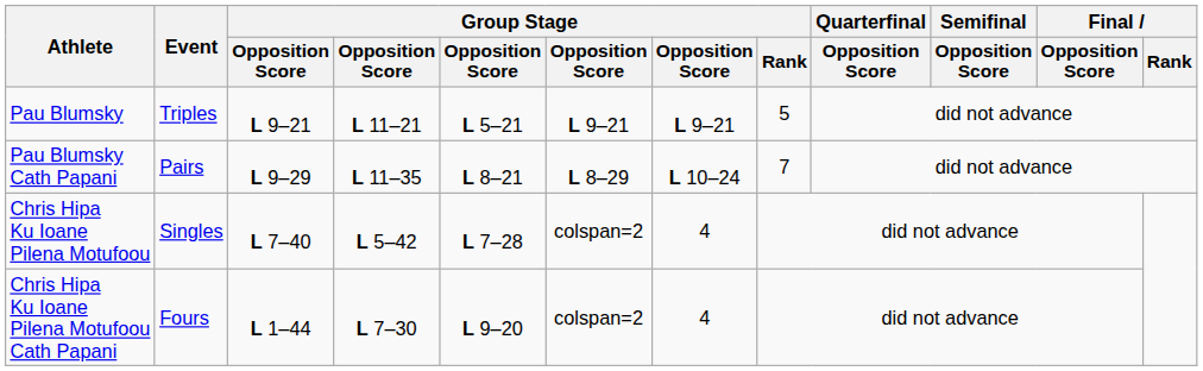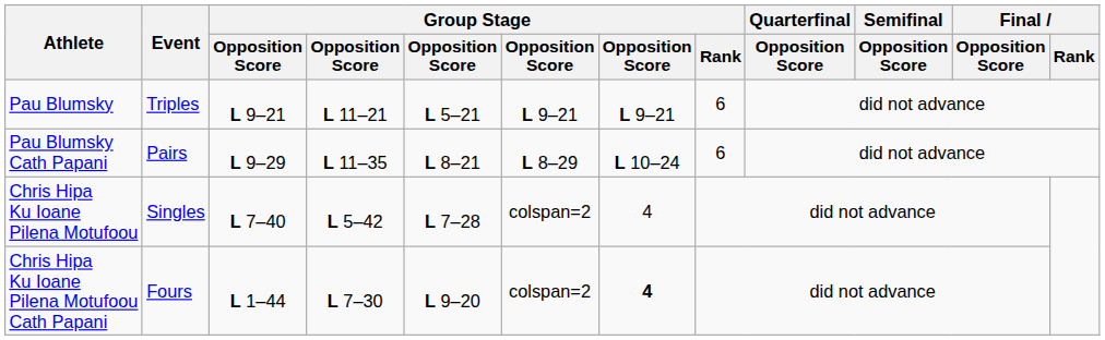 <table class="wikitable" style="font-size:88%">
 <tr>
 <th rowspan=2>Athlete</th>
 <th rowspan=2>Event</th>
 <th colspan=6>Group Stage</th>
 <th>Quarterfinal</th>
 <th>Semifinal</th>
 <th colspan=2>Final / </th>
 </tr>
 <tr style="font-size:95%">
 <th>Opposition<br>Score</th>
 <th>Opposition<br>Score</th>
 <th>Opposition<br>Score</th>
 <th>Opposition<br>Score</th>
 <th>Opposition<br>Score</th>
 <th>Rank</th>
 <th>Opposition<br>Score</th>
 <th>Opposition<br>Score</th>
 <th>Opposition<br>Score</th>
 <th>Rank</th>
 </tr>
 <tr align=center>
 <td align=left><a href='#'>Pau Blumsky</a></td>
 <td align=left><a href='#'>Triples</a></td>
 <td><br><strong>L</strong> 9–21</td>
 <td><br><strong>L</strong> 11–21</td>
 <td><br><strong>L</strong> 5–21</td>
 <td><br><strong>L</strong> 9–21</td>
 <td><br><strong>L</strong> 9–21</td>
-<td>5</td>
+<td>6</td>
 <td colspan=4>did not advance</td>
 </tr>
 <tr align=center>
 <td align=left><a href='#'>Pau Blumsky</a><br><a href='#'>Cath Papani</a></td>
 <td align=left><a href='#'>Pairs</a></td>
 <td><br><strong>L</strong> 9–29</td>
 <td><br><strong>L</strong> 11–35</td>
 <td><br><strong>L</strong> 8–21</td>
 <td><br><strong>L</strong> 8–29</td>
 <td><br><strong>L</strong> 10–24</td>
-<td>7</td>
+<td>6</td>
 <td colspan=4>did not advance</td>
 </tr>
 <tr align=center>
 <td align=left><a href='#'>Chris Hipa</a><br><a href='#'>Ku Ioane</a><br><a href='#'>Pilena Motufoou</a></td>
 <td align=left><a href='#'>Singles</a></td>
 <td><br><strong>L</strong> 7–40</td>
 <td><br><strong>L</strong> 5–42</td>
 <td><br><strong>L</strong> 7–28</td>
 <td>colspan=2 </td>
 <td>4</td>
 <td colspan=4>did not advance</td>
 </tr>
 <tr align=center>
 <td align=left><a href='#'>Chris Hipa</a><br><a href='#'>Ku Ioane</a><br><a href='#'>Pilena Motufoou</a><br><a href='#'>Cath Papani</a></td>
 <td align=left><a href='#'>Fours</a></td>
 <td><br><strong>L</strong> 1–44</td>
 <td><br><strong>L</strong> 7–30</td>
 <td><br><strong>L</strong> 9–20</td>
 <td>colspan=2 </td>
-<td>4</td>
+<td><strong>4</strong></td>
 <td colspan=4>did not advance</td>
 </tr>
 </table>
